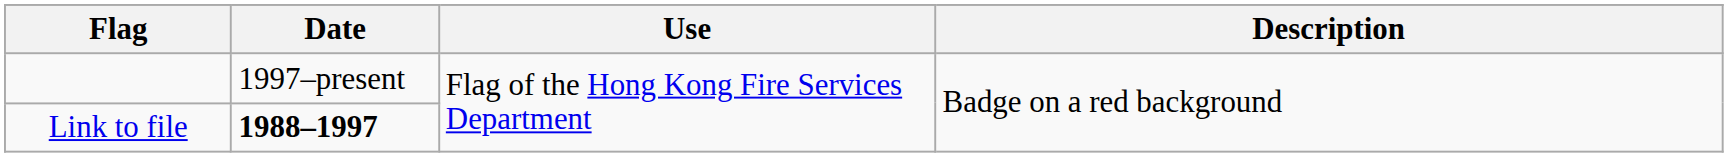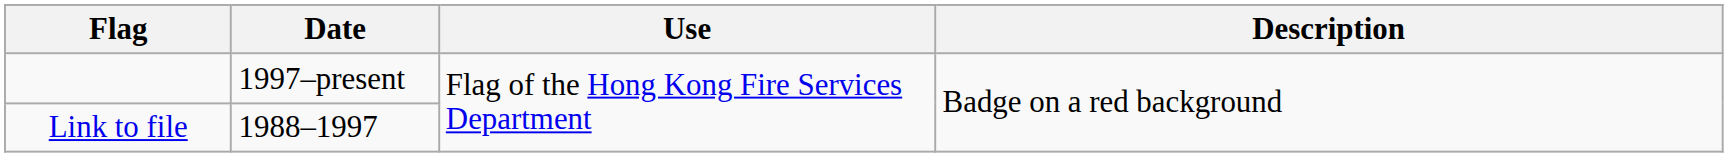 <table class="wikitable" style="background:#f9f9f9">
 <tr>
 <th width="110">Flag</th>
 <th width="100">Date</th>
 <th width="250">Use</th>
 <th width="400">Description</th>
 </tr>
 <tr>
 <td></td>
 <td>1997–present</td>
 <td rowspan="2">Flag of the <a href='#'>Hong Kong Fire Services Department</a></td>
 <td rowspan="2">Badge on a red background</td>
 </tr>
 <tr>
 <td style="text-align:center;"><a href='#'>Link to file</a></td>
-<td><strong>1988–1997</strong></td>
+<td>1988–1997</td>
 </tr>
 </table>
